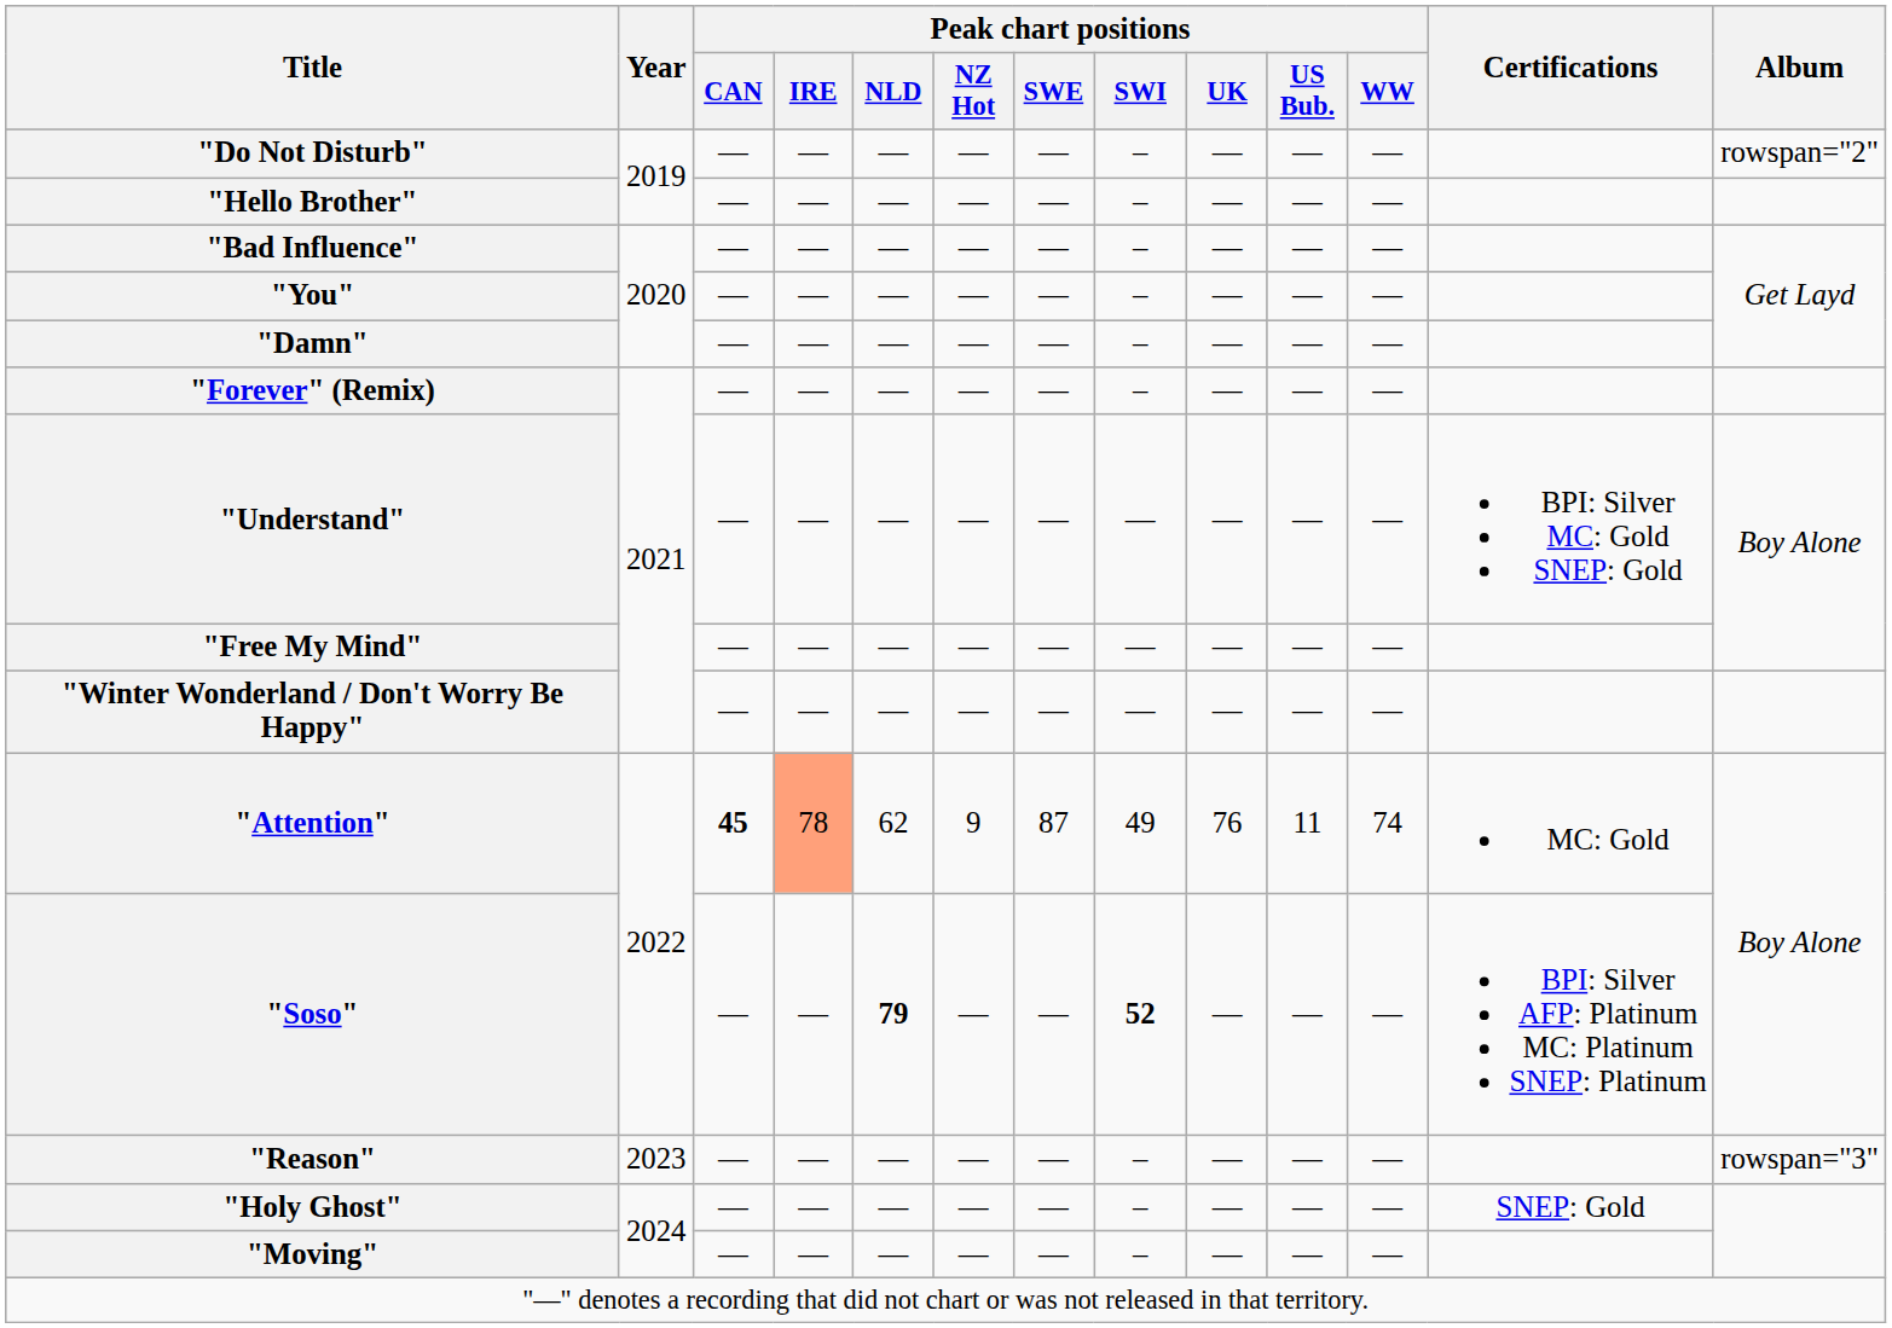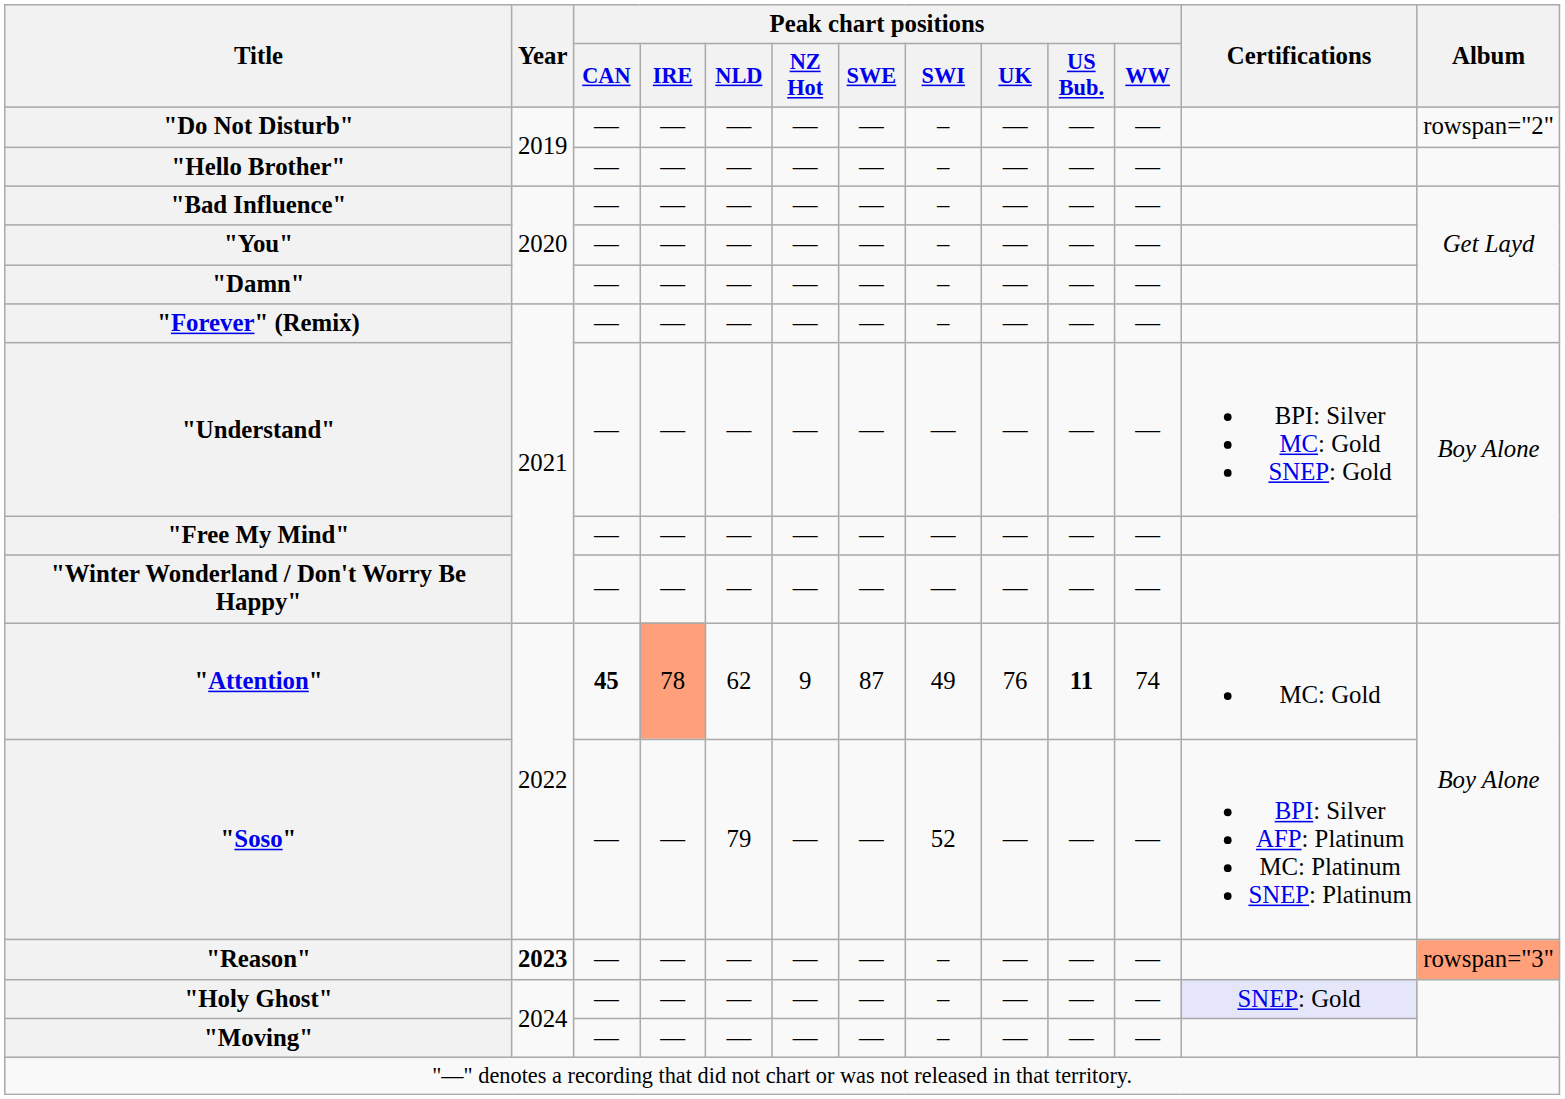 <table class="wikitable plainrowheaders" style="text-align:center;">
 <tr>
 <th scope="col" rowspan="2" style="width:20em;">Title</th>
 <th scope="col" rowspan="2" style="width:1em;">Year</th>
 <th colspan="9" scope="col">Peak chart positions</th>
 <th scope="col" rowspan="2">Certifications</th>
 <th scope="col" rowspan="2">Album</th>
 </tr>
 <tr>
 <th scope="col" style="width:2.5em;font-size:90%;"><a href='#'>CAN</a><br></th>
 <th scope="col" style="width:2.5em;font-size:90%;"><a href='#'>IRE</a><br></th>
 <th scope="col" style="width:2.5em;font-size:90%;"><a href='#'>NLD</a><br></th>
 <th scope="col" style="width:2.5em;font-size:90%;"><a href='#'>NZ<br> Hot</a><br></th>
 <th scope="col" style="width:2.5em;font-size:90%;"><a href='#'>SWE</a><br></th>
 <th scope="col" style="width:3em; font-size:90%"><a href='#'>SWI</a><br></th>
 <th scope="col" style="width:2.5em;font-size:90%;"><a href='#'>UK</a><br></th>
 <th scope="col" style="width:2.5em;font-size:90%;"><a href='#'>US<br>Bub.</a><br></th>
 <th scope="col" style="width:2.5em;font-size:90%;"><a href='#'>WW</a><br></th>
 </tr>
 <tr>
 <th scope="row">"Do Not Disturb"</th>
 <td rowspan="2">2019</td>
 <td>—</td>
 <td>—</td>
 <td>—</td>
 <td>—</td>
 <td>—</td>
 <td>–</td>
 <td>—</td>
 <td>—</td>
 <td>—</td>
 <td></td>
 <td>rowspan="2" </td>
 </tr>
 <tr>
 <th scope="row">"Hello Brother"</th>
 <td>—</td>
 <td>—</td>
 <td>—</td>
 <td>—</td>
 <td>—</td>
 <td>–</td>
 <td>—</td>
 <td>—</td>
 <td>—</td>
 <td></td>
 </tr>
 <tr>
 <th scope="row">"Bad Influence"</th>
 <td rowspan="3">2020</td>
 <td>—</td>
 <td>—</td>
 <td>—</td>
 <td>—</td>
 <td>—</td>
 <td>–</td>
 <td>—</td>
 <td>—</td>
 <td>—</td>
 <td></td>
 <td rowspan="3"><em>Get Layd</em></td>
 </tr>
 <tr>
 <th scope="row">"You"</th>
 <td>—</td>
 <td>—</td>
 <td>—</td>
 <td>—</td>
 <td>—</td>
 <td>–</td>
 <td>—</td>
 <td>—</td>
 <td>—</td>
 <td></td>
 </tr>
 <tr>
 <th scope="row">"Damn"</th>
 <td>—</td>
 <td>—</td>
 <td>—</td>
 <td>—</td>
 <td>—</td>
 <td>–</td>
 <td>—</td>
 <td>—</td>
 <td>—</td>
 <td></td>
 </tr>
 <tr>
 <th scope="row">"<a href='#'>Forever</a>" (Remix)<br></th>
 <td rowspan="4">2021</td>
 <td>—</td>
 <td>—</td>
 <td>—</td>
 <td>—</td>
 <td>—</td>
 <td>–</td>
 <td>—</td>
 <td>—</td>
 <td>—</td>
 <td></td>
 <td></td>
 </tr>
 <tr>
 <th scope="row">"Understand"</th>
 <td>—</td>
 <td>—</td>
 <td>—</td>
 <td>—</td>
 <td>—</td>
 <td>—</td>
 <td>—</td>
 <td>—</td>
 <td>—</td>
 <td><br><ul><li>BPI: Silver</li><li><a href='#'>MC</a>: Gold</li><li><a href='#'>SNEP</a>: Gold</li></ul></td>
 <td rowspan="2"><em>Boy Alone</em></td>
 </tr>
 <tr>
 <th scope="row">"Free My Mind"</th>
 <td>—</td>
 <td>—</td>
 <td>—</td>
 <td>—</td>
 <td>—</td>
 <td>—</td>
 <td>—</td>
 <td>—</td>
 <td>—</td>
 <td></td>
 </tr>
 <tr>
 <th scope="row">"Winter Wonderland / Don't Worry Be Happy"</th>
 <td>—</td>
 <td>—</td>
 <td>—</td>
 <td>—</td>
 <td>—</td>
 <td>—</td>
 <td>—</td>
 <td>—</td>
 <td>—</td>
 <td></td>
 <td></td>
 </tr>
 <tr>
 <th scope="row">"<a href='#'>Attention</a>"<br></th>
 <td rowspan="2">2022</td>
 <td><strong>45</strong></td>
 <td style="background: lightsalmon;">78</td>
 <td>62</td>
 <td>9</td>
 <td>87</td>
 <td>49</td>
 <td>76</td>
-<td>11</td>
+<td><strong>11</strong></td>
 <td>74</td>
 <td><br><ul><li>MC: Gold</li></ul></td>
 <td rowspan="2"><em>Boy Alone</em></td>
 </tr>
 <tr>
 <th scope="row">"<a href='#'>Soso</a>"</th>
 <td>—</td>
 <td>—</td>
-<td><strong>79</strong></td>
+<td>79</td>
 <td>—</td>
 <td>—</td>
-<td><strong>52</strong></td>
+<td>52</td>
 <td>—</td>
 <td>—</td>
 <td>—</td>
 <td><br><ul><li><a href='#'>BPI</a>: Silver</li><li><a href='#'>AFP</a>: Platinum</li><li>MC: Platinum</li><li><a href='#'>SNEP</a>: Platinum</li></ul></td>
 </tr>
 <tr>
 <th scope="row">"Reason"</th>
-<td>2023</td>
+<td><strong>2023</strong></td>
 <td>—</td>
 <td>—</td>
 <td>—</td>
 <td>—</td>
 <td>—</td>
 <td>–</td>
 <td>—</td>
 <td>—</td>
 <td>—</td>
 <td></td>
-<td>rowspan="3" </td>
+<td style="background: lightsalmon;">rowspan="3" </td>
 </tr>
 <tr>
 <th scope="row">"Holy Ghost"</th>
 <td rowspan="2">2024</td>
 <td>—</td>
 <td>—</td>
 <td>—</td>
 <td>—</td>
 <td>—</td>
 <td>–</td>
 <td>—</td>
 <td>—</td>
 <td>—</td>
-<td><a href='#'>SNEP</a>: Gold</td>
+<td style="background: lavender;"><a href='#'>SNEP</a>: Gold</td>
 </tr>
 <tr>
 <th scope="row">"Moving"</th>
 <td>—</td>
 <td>—</td>
 <td>—</td>
 <td>—</td>
 <td>—</td>
 <td>–</td>
 <td>—</td>
 <td>—</td>
 <td>—</td>
 <td></td>
 </tr>
 <tr>
 <td colspan="13" style="font-size:90%">"—" denotes a recording that did not chart or was not released in that territory.</td>
 </tr>
 </table>
